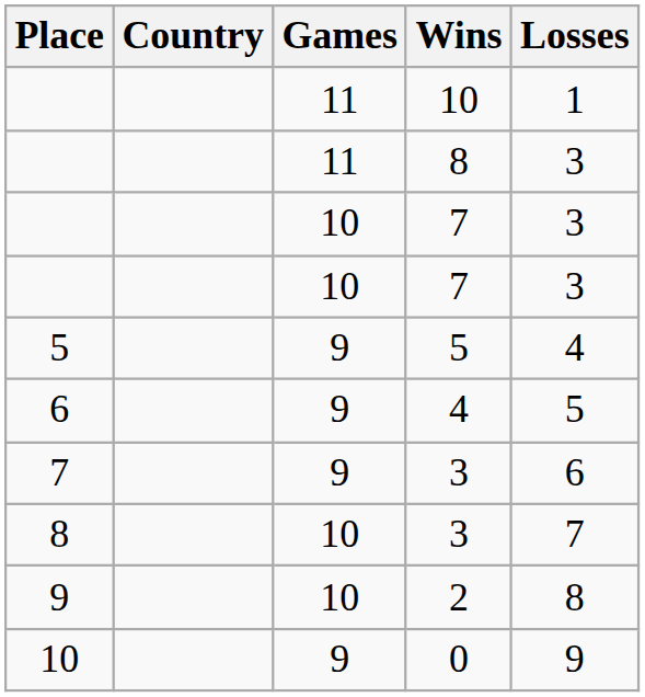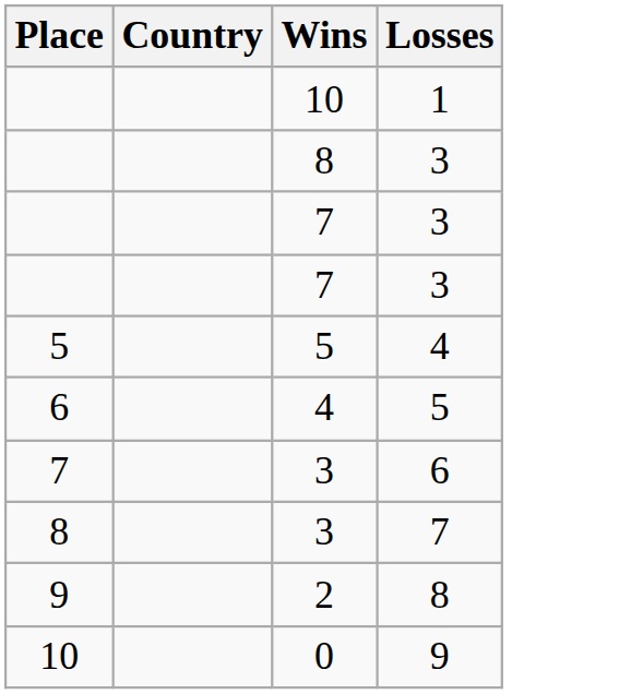 <table class="wikitable" style="text-align:center;">
 <tr>
 <th>Place</th>
 <th>Country</th>
-<th>Games</th>
 <th>Wins</th>
 <th>Losses</th>
 </tr>
 <tr>
 <td></td>
 <td align=left></td>
-<td>11</td>
 <td>10</td>
 <td>1</td>
 </tr>
 <tr>
 <td></td>
 <td align=left></td>
-<td>11</td>
 <td>8</td>
 <td>3</td>
 </tr>
 <tr>
 <td></td>
 <td align=left></td>
-<td>10</td>
 <td>7</td>
 <td>3</td>
 </tr>
 <tr>
 <td></td>
 <td align=left></td>
-<td>10</td>
 <td>7</td>
 <td>3</td>
 </tr>
 <tr>
 <td>5</td>
 <td align=left></td>
-<td>9</td>
 <td>5</td>
 <td>4</td>
 </tr>
 <tr>
 <td>6</td>
 <td align=left></td>
-<td>9</td>
 <td>4</td>
 <td>5</td>
 </tr>
 <tr>
 <td>7</td>
 <td align=left></td>
-<td>9</td>
 <td>3</td>
 <td>6</td>
 </tr>
 <tr>
 <td>8</td>
 <td align=left></td>
-<td>10</td>
 <td>3</td>
 <td>7</td>
 </tr>
 <tr>
 <td>9</td>
 <td align=left></td>
-<td>10</td>
 <td>2</td>
 <td>8</td>
 </tr>
 <tr>
 <td>10</td>
 <td align=left></td>
-<td>9</td>
 <td>0</td>
 <td>9</td>
 </tr>
 </table>
